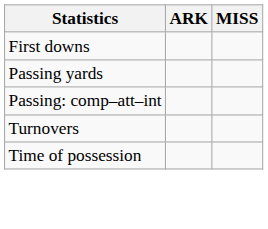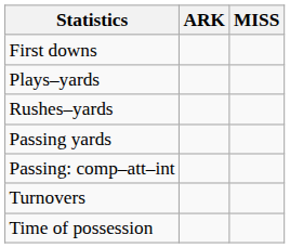 <table class="wikitable" style="float:left">
 <tr>
 <th>Statistics</th>
 <th>ARK</th>
 <th>MISS</th>
 </tr>
 <tr>
 <td>First downs</td>
+<td></td>
+<td></td>
+</tr>
+<tr>
+<td>Plays–yards</td>
+<td></td>
+<td></td>
+</tr>
+<tr>
+<td>Rushes–yards</td>
 <td></td>
 <td></td>
 </tr>
 <tr>
 <td>Passing yards</td>
 <td></td>
 <td></td>
 </tr>
 <tr>
 <td>Passing: comp–att–int</td>
 <td></td>
 <td></td>
 </tr>
 <tr>
 <td>Turnovers</td>
 <td></td>
 <td></td>
 </tr>
 <tr>
 <td>Time of possession</td>
 <td></td>
 <td></td>
 </tr>
 </table>
